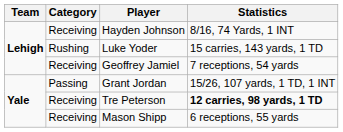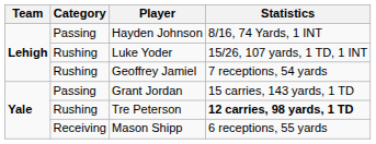 <table class="wikitable" style="float: right;">
 <tr>
 <th>Team</th>
 <th>Category</th>
 <th>Player</th>
 <th>Statistics</th>
 </tr>
 <tr>
 <td rowspan=3><strong>Lehigh</strong></td>
-<td>Receiving</td>
+<td>Passing</td>
 <td>Hayden Johnson</td>
 <td>8/16, 74 Yards, 1 INT</td>
 </tr>
 <tr>
 <td>Rushing</td>
 <td>Luke Yoder</td>
-<td>15 carries, 143 yards, 1 TD</td>
+<td>15/26, 107 yards, 1 TD, 1 INT</td>
 </tr>
 <tr>
-<td>Receiving</td>
+<td>Rushing</td>
 <td>Geoffrey Jamiel</td>
 <td>7 receptions, 54 yards</td>
 </tr>
 <tr>
 <td rowspan=3><strong>Yale</strong></td>
 <td>Passing</td>
 <td>Grant Jordan</td>
-<td>15/26, 107 yards, 1 TD, 1 INT</td>
+<td>15 carries, 143 yards, 1 TD</td>
 </tr>
 <tr>
-<td>Receiving</td>
+<td>Rushing</td>
 <td>Tre Peterson</td>
 <td><strong>12 carries, 98 yards, 1 TD</strong></td>
 </tr>
 <tr>
 <td>Receiving</td>
 <td>Mason Shipp</td>
 <td>6 receptions, 55 yards</td>
 </tr>
 </table>
